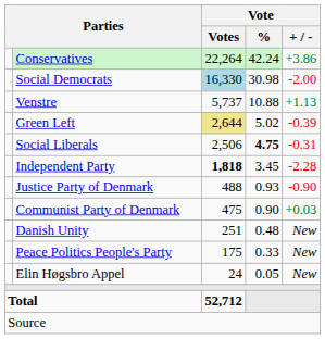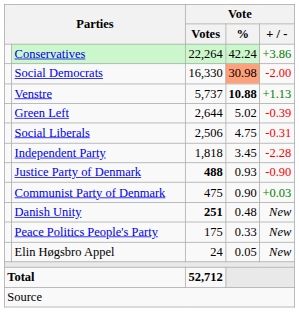 <table class="wikitable" style="text-align:right;">
 <tr>
 <th style="text-align:centre;" rowspan="2" colspan="2" width="225">Parties</th>
 <th colspan="3">Vote</th>
 </tr>
 <tr>
 <th width="15">Votes</th>
 <th width="15">%</th>
 <th width="15">+ / -</th>
 </tr>
 <tr>
 <td width="2" style="color:inherit;background:"></td>
 <td bgcolor=#ccf7cc  align="left"><a href='#'>Conservatives</a></td>
 <td bgcolor=#ccf7cc>22,264</td>
 <td bgcolor=#ccf7cc>42.24</td>
 <td style=color:green;>+3.86</td>
 </tr>
 <tr>
 <td width="2" style="color:inherit;background:"></td>
 <td align="left"><a href='#'>Social Democrats</a></td>
-<td style="background: lightblue;">16,330</td>
-<td>30.98</td>
+<td>16,330</td>
+<td style="background: lightsalmon;">30.98</td>
 <td style=color:red;>-2.00</td>
 </tr>
 <tr>
 <td width="2" style="color:inherit;background:"></td>
 <td align="left"><a href='#'>Venstre</a></td>
 <td>5,737</td>
-<td>10.88</td>
+<td><strong>10.88</strong></td>
 <td style=color:green;>+1.13</td>
 </tr>
 <tr>
 <td width="2" style="color:inherit;background:"></td>
 <td align="left"><a href='#'>Green Left</a></td>
-<td style="background: khaki;">2,644</td>
+<td>2,644</td>
 <td>5.02</td>
 <td style=color:red;>-0.39</td>
 </tr>
 <tr>
 <td width="2" style="color:inherit;background:"></td>
 <td align="left"><a href='#'>Social Liberals</a></td>
 <td>2,506</td>
-<td><strong>4.75</strong></td>
+<td>4.75</td>
 <td style=color:red;>-0.31</td>
 </tr>
 <tr>
 <td width="2" style="color:inherit;background:"></td>
 <td align="left"><a href='#'>Independent Party</a></td>
-<td><strong>1,818</strong></td>
+<td>1,818</td>
 <td>3.45</td>
 <td style=color:red;>-2.28</td>
 </tr>
 <tr>
 <td width="2" style="color:inherit;background:"></td>
 <td align="left"><a href='#'>Justice Party of Denmark</a></td>
-<td>488</td>
+<td><strong>488</strong></td>
 <td>0.93</td>
 <td style=color:red;>-0.90</td>
 </tr>
 <tr>
 <td width="2" style="color:inherit;background:"></td>
 <td align="left"><a href='#'>Communist Party of Denmark</a></td>
 <td>475</td>
 <td>0.90</td>
 <td style=color:green;>+0.03</td>
 </tr>
 <tr>
 <td width="2" style="color:inherit;background:"></td>
 <td align="left"><a href='#'>Danish Unity</a></td>
-<td>251</td>
+<td><strong>251</strong></td>
 <td>0.48</td>
 <td><em>New</em></td>
 </tr>
 <tr>
 <td width="2" style="color:inherit;background:"></td>
 <td align="left"><a href='#'>Peace Politics People's Party</a></td>
 <td>175</td>
 <td>0.33</td>
 <td><em>New</em></td>
 </tr>
 <tr>
 <td width="2" style="color:inherit;background:"></td>
 <td align="left">Elin Høgsbro Appel</td>
 <td>24</td>
 <td>0.05</td>
 <td><em>New</em></td>
 </tr>
 <tr>
 <td colspan="7" bgcolor="#E9E9E9"></td>
 </tr>
 <tr>
 <td align="left" colspan="2"><strong>Total</strong></td>
 <td><strong>52,712</strong></td>
 <td bgcolor="#E9E9E9" colspan="2"></td>
 </tr>
 <tr>
 <td align="left" colspan="6">Source</td>
 </tr>
 </table>
